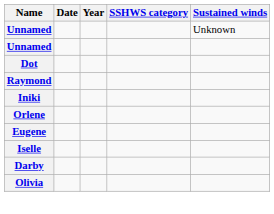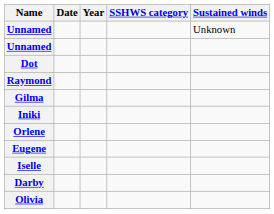 <table class="wikitable sortable plainrowheaders">
 <tr>
 <th scope="col">Name</th>
 <th scope="col">Date</th>
 <th scope="col">Year</th>
 <th scope="col"><a href='#'>SSHWS category</a></th>
 <th scope="col"><a href='#'>Sustained winds</a></th>
 </tr>
 <tr>
 <th scope="row"><a href='#'>Unnamed</a></th>
 <td></td>
 <td></td>
 <td></td>
 <td>Unknown</td>
 </tr>
 <tr>
 <th scope="row"><a href='#'>Unnamed</a></th>
 <td></td>
 <td></td>
 <td></td>
 <td></td>
 </tr>
 <tr>
 <th scope="row"><a href='#'>Dot</a></th>
 <td></td>
 <td></td>
 <td></td>
 <td></td>
 </tr>
 <tr>
 <th scope="row"><a href='#'>Raymond</a></th>
+<td></td>
+<td></td>
+<td></td>
+<td></td>
+</tr>
+<tr>
+<th scope="row"><a href='#'>Gilma</a></th>
 <td></td>
 <td></td>
 <td></td>
 <td></td>
 </tr>
 <tr>
 <th scope="row"><a href='#'>Iniki</a></th>
 <td></td>
 <td></td>
 <td></td>
 <td></td>
 </tr>
 <tr>
 <th scope="row"><a href='#'>Orlene</a></th>
 <td></td>
 <td></td>
 <td></td>
 <td></td>
 </tr>
 <tr>
 <th scope="row"><a href='#'>Eugene</a></th>
 <td></td>
 <td></td>
 <td></td>
 <td></td>
 </tr>
 <tr>
 <th scope="row"><a href='#'>Iselle</a></th>
 <td></td>
 <td></td>
 <td></td>
 <td></td>
 </tr>
 <tr>
 <th scope="row"><a href='#'>Darby</a></th>
 <td></td>
 <td></td>
 <td></td>
 <td></td>
 </tr>
 <tr>
 <th scope="row"><a href='#'>Olivia</a></th>
 <td></td>
 <td></td>
 <td></td>
 <td></td>
 </tr>
 </table>
